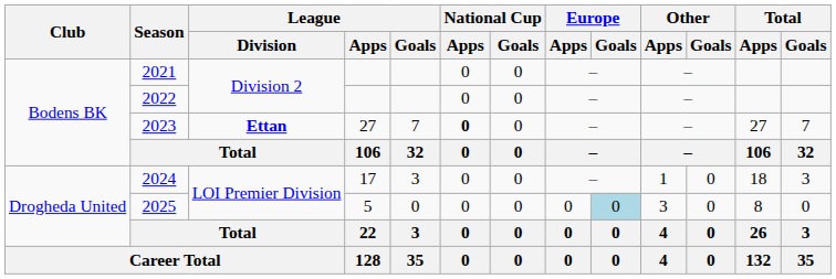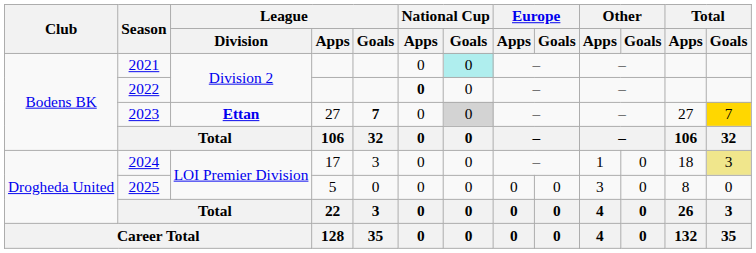 <table class=wikitable style="text-align: center">
 <tr>
 <th rowspan=2>Club</th>
 <th rowspan=2>Season</th>
 <th colspan=3>League</th>
 <th colspan=2>National Cup</th>
 <th colspan=2><a href='#'>Europe</a></th>
 <th colspan=2>Other</th>
 <th colspan=2>Total</th>
 </tr>
 <tr>
 <th>Division</th>
 <th>Apps</th>
 <th>Goals</th>
 <th>Apps</th>
 <th>Goals</th>
 <th>Apps</th>
 <th>Goals</th>
 <th>Apps</th>
 <th>Goals</th>
 <th>Apps</th>
 <th>Goals</th>
 </tr>
 <tr>
 <td rowspan="4"><a href='#'>Bodens BK</a></td>
 <td><a href='#'>2021</a></td>
 <td rowspan="2"><a href='#'>Division 2</a></td>
 <td></td>
 <td></td>
 <td>0</td>
-<td>0</td>
+<td style="background: paleturquoise;">0</td>
 <td colspan="2">–</td>
 <td colspan="2">–</td>
 <td></td>
 <td></td>
 </tr>
 <tr>
 <td><a href='#'>2022</a></td>
 <td></td>
 <td></td>
-<td>0</td>
+<td><strong>0</strong></td>
 <td>0</td>
 <td colspan="2">–</td>
 <td colspan="2">–</td>
 <td></td>
 <td></td>
 </tr>
 <tr>
 <td><a href='#'>2023</a></td>
 <td><strong><a href='#'>Ettan</a></strong></td>
 <td>27</td>
-<td>7</td>
-<td><strong>0</strong></td>
+<td><strong>7</strong></td>
 <td>0</td>
+<td style="background: lightgrey;">0</td>
 <td colspan="2">–</td>
 <td colspan="2">–</td>
 <td>27</td>
-<td>7</td>
+<td style="background: gold;">7</td>
 </tr>
 <tr>
 <th colspan="2">Total</th>
 <th>106</th>
 <th>32</th>
 <th>0</th>
 <th>0</th>
 <th colspan="2">–</th>
 <th colspan="2">–</th>
 <th>106</th>
 <th>32</th>
 </tr>
 <tr>
 <td rowspan="3"><a href='#'>Drogheda United</a></td>
 <td><a href='#'>2024</a></td>
 <td rowspan="2"><a href='#'>LOI Premier Division</a></td>
 <td>17</td>
 <td>3</td>
 <td>0</td>
 <td>0</td>
 <td colspan="2">–</td>
 <td>1</td>
 <td>0</td>
 <td>18</td>
-<td>3</td>
+<td style="background: khaki;">3</td>
 </tr>
 <tr>
 <td><a href='#'>2025</a></td>
 <td>5</td>
 <td>0</td>
 <td>0</td>
 <td>0</td>
 <td>0</td>
-<td style="background: lightblue;">0</td>
+<td>0</td>
 <td>3</td>
 <td>0</td>
 <td>8</td>
 <td>0</td>
 </tr>
 <tr>
 <th colspan="2">Total</th>
 <th>22</th>
 <th>3</th>
 <th>0</th>
 <th>0</th>
 <th>0</th>
 <th>0</th>
 <th>4</th>
 <th>0</th>
 <th>26</th>
 <th>3</th>
 </tr>
 <tr>
 <th colspan="3">Career Total</th>
 <th>128</th>
 <th>35</th>
 <th>0</th>
 <th>0</th>
 <th>0</th>
 <th>0</th>
 <th>4</th>
 <th>0</th>
 <th>132</th>
 <th>35</th>
 </tr>
 </table>
